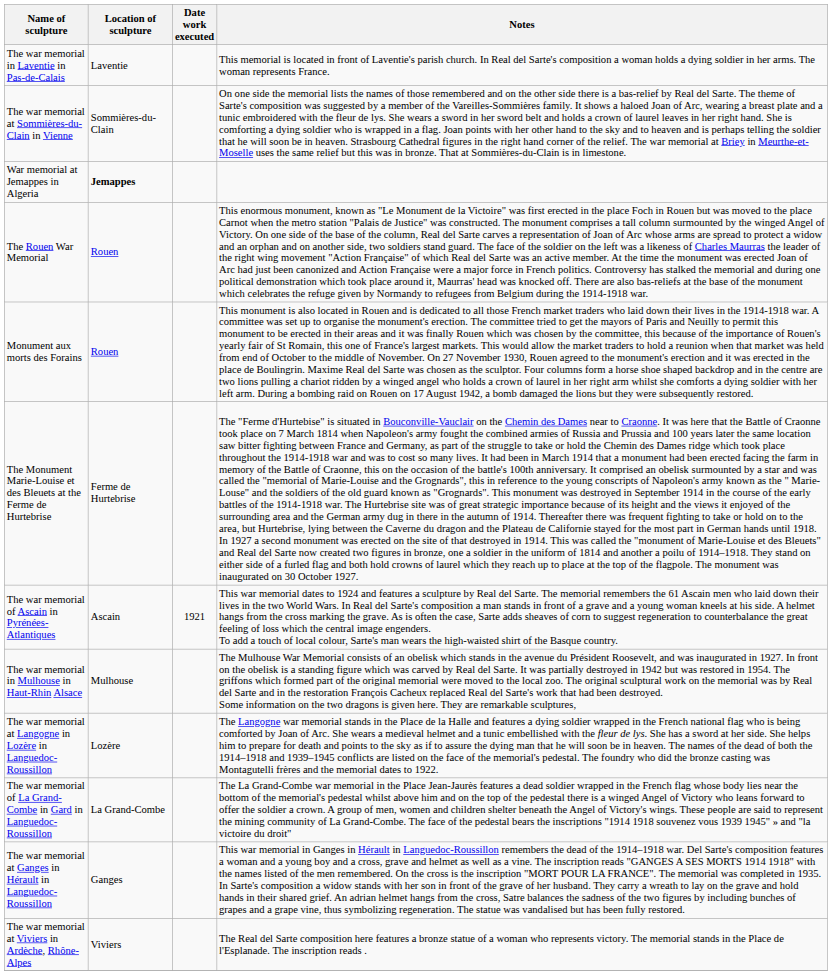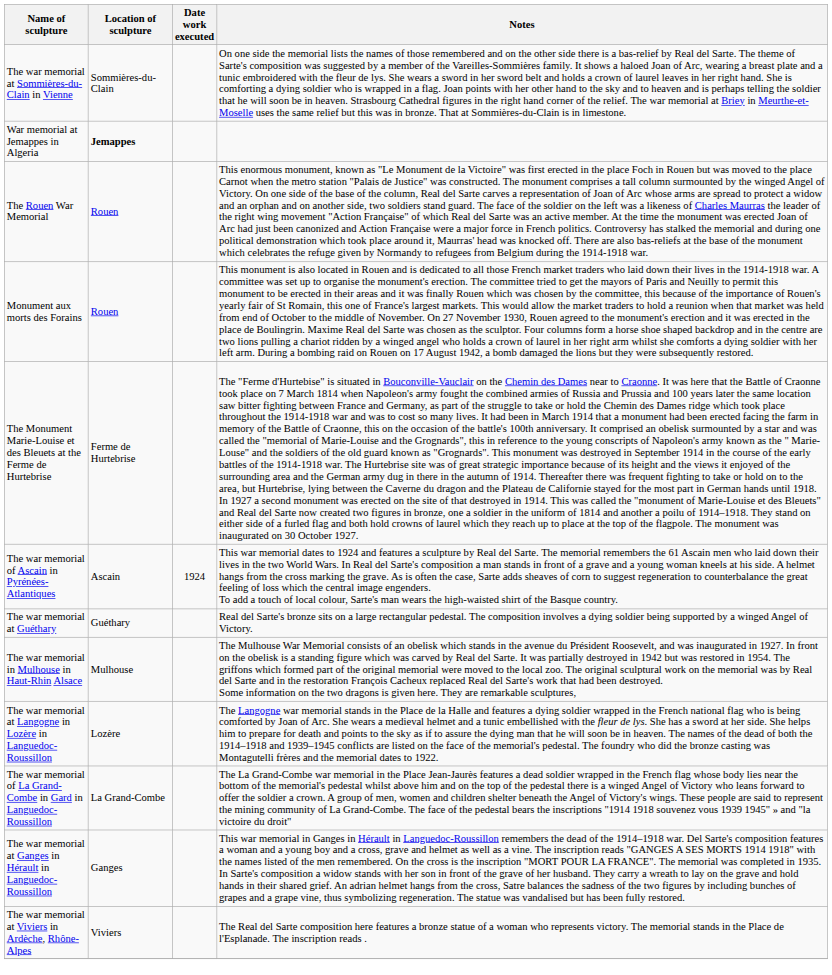 <table class="wikitable sortable plainrowheaders">
 <tr>
 <th style="width:120px">Name of sculpture</th>
 <th style="width:120px">Location of sculpture</th>
 <th style="width:50px">Date work executed</th>
 <th class="unsortable">Notes</th>
-</tr>
-<tr>
-<td>The war memorial in <a href='#'>Laventie</a> in <a href='#'>Pas-de-Calais</a></td>
-<td>Laventie</td>
-<td align="center"></td>
-<td>This memorial is located in front of Laventie's parish church. In Real del Sarte's composition a woman holds a dying soldier in her arms. The woman represents France.</td>
 </tr>
 <tr>
 <td>The war memorial at <a href='#'>Sommières-du-Clain</a> in <a href='#'>Vienne</a></td>
 <td>Sommières-du-Clain</td>
 <td align="center"></td>
 <td>On one side the memorial lists the names of those remembered and on the other side there is a bas-relief by Real del Sarte. The theme of Sarte's composition was suggested by a member of the Vareilles-Sommières family.  It shows a haloed Joan of Arc, wearing a breast plate and a tunic embroidered with the fleur de lys.  She wears a sword in her sword belt and holds a crown of laurel leaves in her right hand. She is comforting a dying soldier who is wrapped in a flag.  Joan points with her other hand to the sky and to heaven and is perhaps telling the soldier that he will soon be in heaven. Strasbourg Cathedral figures in the right hand corner of the relief. The war memorial at <a href='#'>Briey</a> in <a href='#'>Meurthe-et-Moselle</a> uses the same relief but this was in bronze.  That at Sommières-du-Clain is in limestone.</td>
 </tr>
 <tr>
 <td>War memorial at Jemappes in Algeria</td>
 <td><strong>Jemappes</strong></td>
 <td align="center"></td>
 <td></td>
 </tr>
 <tr>
 <td>The <a href='#'>Rouen</a> War Memorial</td>
 <td><a href='#'>Rouen</a></td>
 <td align="center"></td>
 <td>This enormous monument, known as "Le Monument de la Victoire" was first erected in the place Foch in Rouen but was moved to the place Carnot when the metro station "Palais de Justice" was constructed. The monument comprises a tall column surmounted by the winged Angel of Victory. On one side of the base of the column, Real del Sarte carves a representation of Joan of Arc whose arms are spread to protect a widow and an orphan and on another side, two soldiers stand guard. The face of the soldier on the left was a likeness of <a href='#'>Charles Maurras</a> the leader of the right wing movement "Action Française" of which Real del Sarte was an active member.  At the time the monument was erected Joan of Arc had just been canonized and Action Française were a major force in French politics.  Controversy has stalked the memorial and during one political demonstration which took place around it, Maurras' head was knocked off. There are also bas-reliefs at the base of the monument which celebrates the refuge given by Normandy to refugees from Belgium during the 1914-1918 war.</td>
 </tr>
 <tr>
 <td>Monument aux morts des Forains</td>
 <td><a href='#'>Rouen</a></td>
 <td align="center"></td>
 <td>This monument is also located in Rouen and is dedicated to all those French market traders who laid down their lives in the 1914-1918 war. A committee was set up to organise the monument's erection. The committee tried to get the mayors of Paris and Neuilly to permit this monument to be erected in their areas and it was finally Rouen which was chosen by the committee, this because of the importance of Rouen's yearly fair of St Romain, this one of France's largest markets. This would allow the market traders to hold a reunion when that market was held from end of October to the middle of November. On 27 November 1930, Rouen agreed to the monument's erection and it was erected in the place de Boulingrin. Maxime Real del Sarte was chosen as the sculptor. Four columns form a horse shoe shaped backdrop and in the centre are two lions pulling a chariot ridden by a winged angel who holds a crown of laurel in her right arm whilst she comforts a dying soldier with her left arm. During a bombing raid on Rouen on 17 August 1942, a bomb damaged the lions but they were subsequently restored.</td>
 </tr>
 <tr>
 <td>The Monument Marie-Louise et des Bleuets at the Ferme de Hurtebrise</td>
 <td>Ferme de Hurtebrise</td>
 <td align="center"></td>
 <td><br> The "Ferme d'Hurtebise" is situated in <a href='#'>Bouconville-Vauclair</a> on the <a href='#'>Chemin des Dames</a> near to <a href='#'>Craonne</a>. It was here that the Battle of Craonne took place on 7 March 1814 when Napoleon's army fought the combined armies of Russia and Prussia and 100 years later the same location saw bitter fighting between France and Germany, as part of the struggle to take or hold the Chemin des Dames ridge which took place throughout the 1914-1918 war and was to cost so many lives. It had been in March 1914 that a monument had been erected facing the farm in memory of the Battle of Craonne, this on the occasion of the battle's 100th anniversary.  It comprised an obelisk surmounted by a star and was called the "memorial of Marie-Louise and the Grognards", this in reference to the young conscripts of Napoleon's army known as the " Marie-Louse" and the soldiers of the old guard known as "Grognards". This monument was destroyed in September 1914 in the course of the early battles of the 1914-1918 war. The Hurtebrise site was of great strategic importance because of its height and the views it enjoyed of the surrounding area and the German army dug in there in the autumn of 1914.  Thereafter there was frequent fighting to take or hold on to the area, but Hurtebrise, lying between the Caverne du dragon and the Plateau de Californie stayed for the most part in German hands until 1918. In 1927 a second monument was erected on the site of that destroyed in 1914.  This was called the "monument of Marie-Louise et des Bleuets" and Real del Sarte now created two figures in bronze, one a soldier in the uniform of 1814 and another a poilu of 1914–1918. They stand on either side of a furled flag and both hold crowns of laurel which they reach up to place at the top of the flagpole.  The monument was inaugurated on 30 October 1927.</td>
 </tr>
 <tr>
 <td>The war memorial of <a href='#'>Ascain</a> in <a href='#'>Pyrénées-Atlantiques</a></td>
 <td>Ascain</td>
-<td align="center">1921</td>
+<td align="center">1924</td>
 <td>This war memorial dates to 1924 and features a sculpture by Real del Sarte. The memorial remembers the 61 Ascain men who laid down their lives in the two World Wars.  In Real del Sarte's composition a man stands in front of a grave and a young woman kneels at his side. A helmet hangs from the cross marking the grave. As is often the case, Sarte adds sheaves of corn to suggest regeneration to counterbalance the great feeling of loss which the central image engenders.<br> To add a touch of local colour, Sarte's man wears the high-waisted shirt of the Basque country.</td>
+</tr>
+<tr>
+<td>The war memorial at <a href='#'>Guéthary</a></td>
+<td>Guéthary</td>
+<td align="center"></td>
+<td>Real del Sarte's bronze sits on a large rectangular pedestal.  The composition involves a dying soldier being supported by a winged Angel of Victory.</td>
 </tr>
 <tr>
 <td>The war memorial in <a href='#'>Mulhouse</a> in <a href='#'>Haut-Rhin</a> <a href='#'>Alsace</a></td>
 <td>Mulhouse</td>
 <td align="center"></td>
 <td>The Mulhouse War Memorial consists of an obelisk which stands in the avenue du Président Roosevelt, and was inaugurated in 1927. In front on the obelisk is a standing figure which was carved by Real del Sarte. It was partially destroyed in 1942 but was restored in 1954. The griffons which formed part of the original memorial were moved to the local zoo.  The original sculptural work on the memorial was by Real del Sarte and in the restoration François Cacheux replaced Real del Sarte's work that had been destroyed.<br> Some information on the two dragons is given here.  They are remarkable sculptures,</td>
 </tr>
 <tr>
 <td>The war memorial at <a href='#'>Langogne</a> in <a href='#'>Lozère</a> in <a href='#'>Languedoc-Roussillon</a></td>
 <td>Lozère</td>
 <td align="center"></td>
 <td>The <a href='#'>Langogne</a> war memorial stands in the Place de la Halle and features a dying soldier wrapped in the French national flag who is being comforted by Joan of Arc.  She wears a medieval helmet and a tunic embellished with the <em>fleur de lys</em>.  She has a sword at her side.  She helps him to prepare for death and points to the sky as if to assure the dying man that he will soon be in heaven. The names of the dead of both the 1914–1918 and 1939–1945 conflicts are listed on the face of the memorial's pedestal. The foundry who did the bronze casting was Montagutelli frères and the memorial dates to 1922.</td>
 </tr>
 <tr>
 <td>The war memorial of <a href='#'>La Grand-Combe</a> in <a href='#'>Gard</a> in <a href='#'>Languedoc-Roussillon</a></td>
 <td>La Grand-Combe</td>
 <td align="center"></td>
 <td>The La Grand-Combe war memorial in the Place Jean-Jaurès features a dead soldier wrapped in the French flag whose body lies near the bottom of the memorial's pedestal whilst above him and on the top of the pedestal there is a winged Angel of Victory who leans forward to offer the soldier a crown. A group of men, women and children shelter beneath the Angel of Victory's wings.  These people are said to represent the mining community of La Grand-Combe. The face of the pedestal bears the inscriptions "1914 1918 souvenez vous 1939 1945" » and  "la victoire du droit"</td>
 </tr>
 <tr>
 <td>The war memorial at <a href='#'>Ganges</a> in <a href='#'>Hérault</a> in <a href='#'>Languedoc-Roussillon</a></td>
 <td>Ganges</td>
 <td align="center"></td>
 <td>This war memorial in Ganges in <a href='#'>Hérault</a> in <a href='#'>Languedoc-Roussillon</a> remembers the dead of the 1914–1918 war.  Del Sarte's composition features a woman and a young boy and a cross, grave and helmet as well as a vine.  The inscription reads "GANGES A SES MORTS 1914 1918" with the names listed of the men remembered.  On the cross is the inscription  "MORT POUR LA FRANCE".  The memorial was completed in 1935. In Sarte's composition a widow stands with her son in front of the grave of her husband.  They carry a wreath to lay on the grave and hold hands in their shared grief.  An adrian helmet hangs from the cross,   Satre balances the sadness of the two figures by including bunches of grapes and a grape vine, thus symbolizing regeneration. The statue was vandalised but has been fully restored.</td>
 </tr>
 <tr>
 <td>The war memorial at <a href='#'>Viviers</a> in <a href='#'>Ardèche</a>, <a href='#'>Rhône-Alpes</a></td>
 <td>Viviers</td>
 <td align="center"></td>
 <td>The Real del Sarte composition here features a bronze statue of a woman who represents victory.  The memorial stands in the Place de l'Esplanade. The inscription reads .</td>
 </tr>
 <tr>
 </tr>
 </table>
